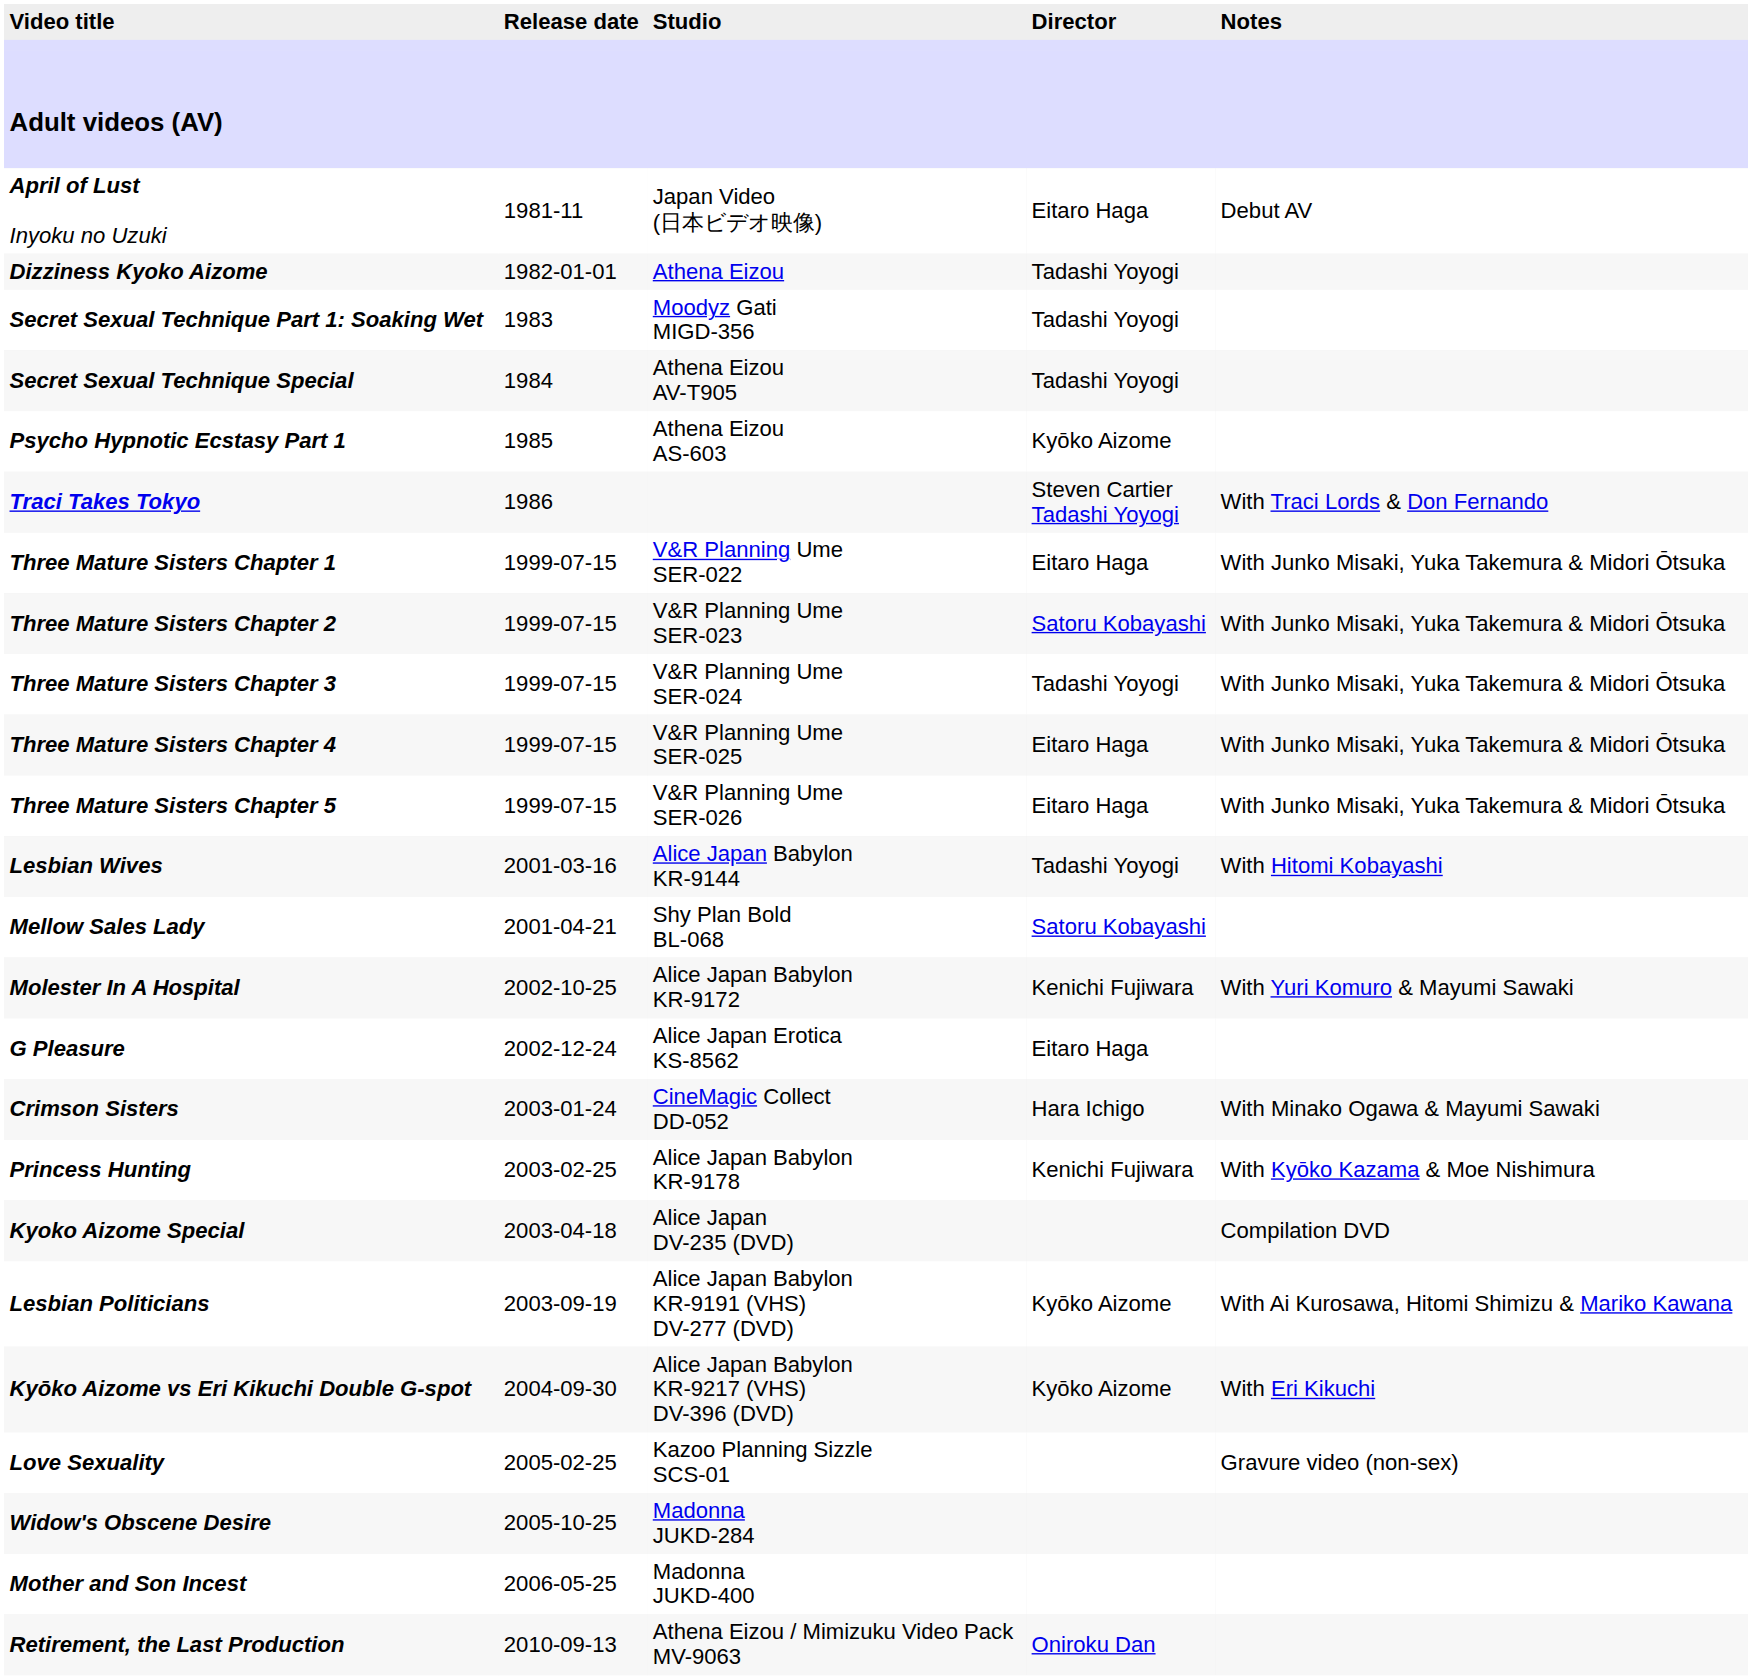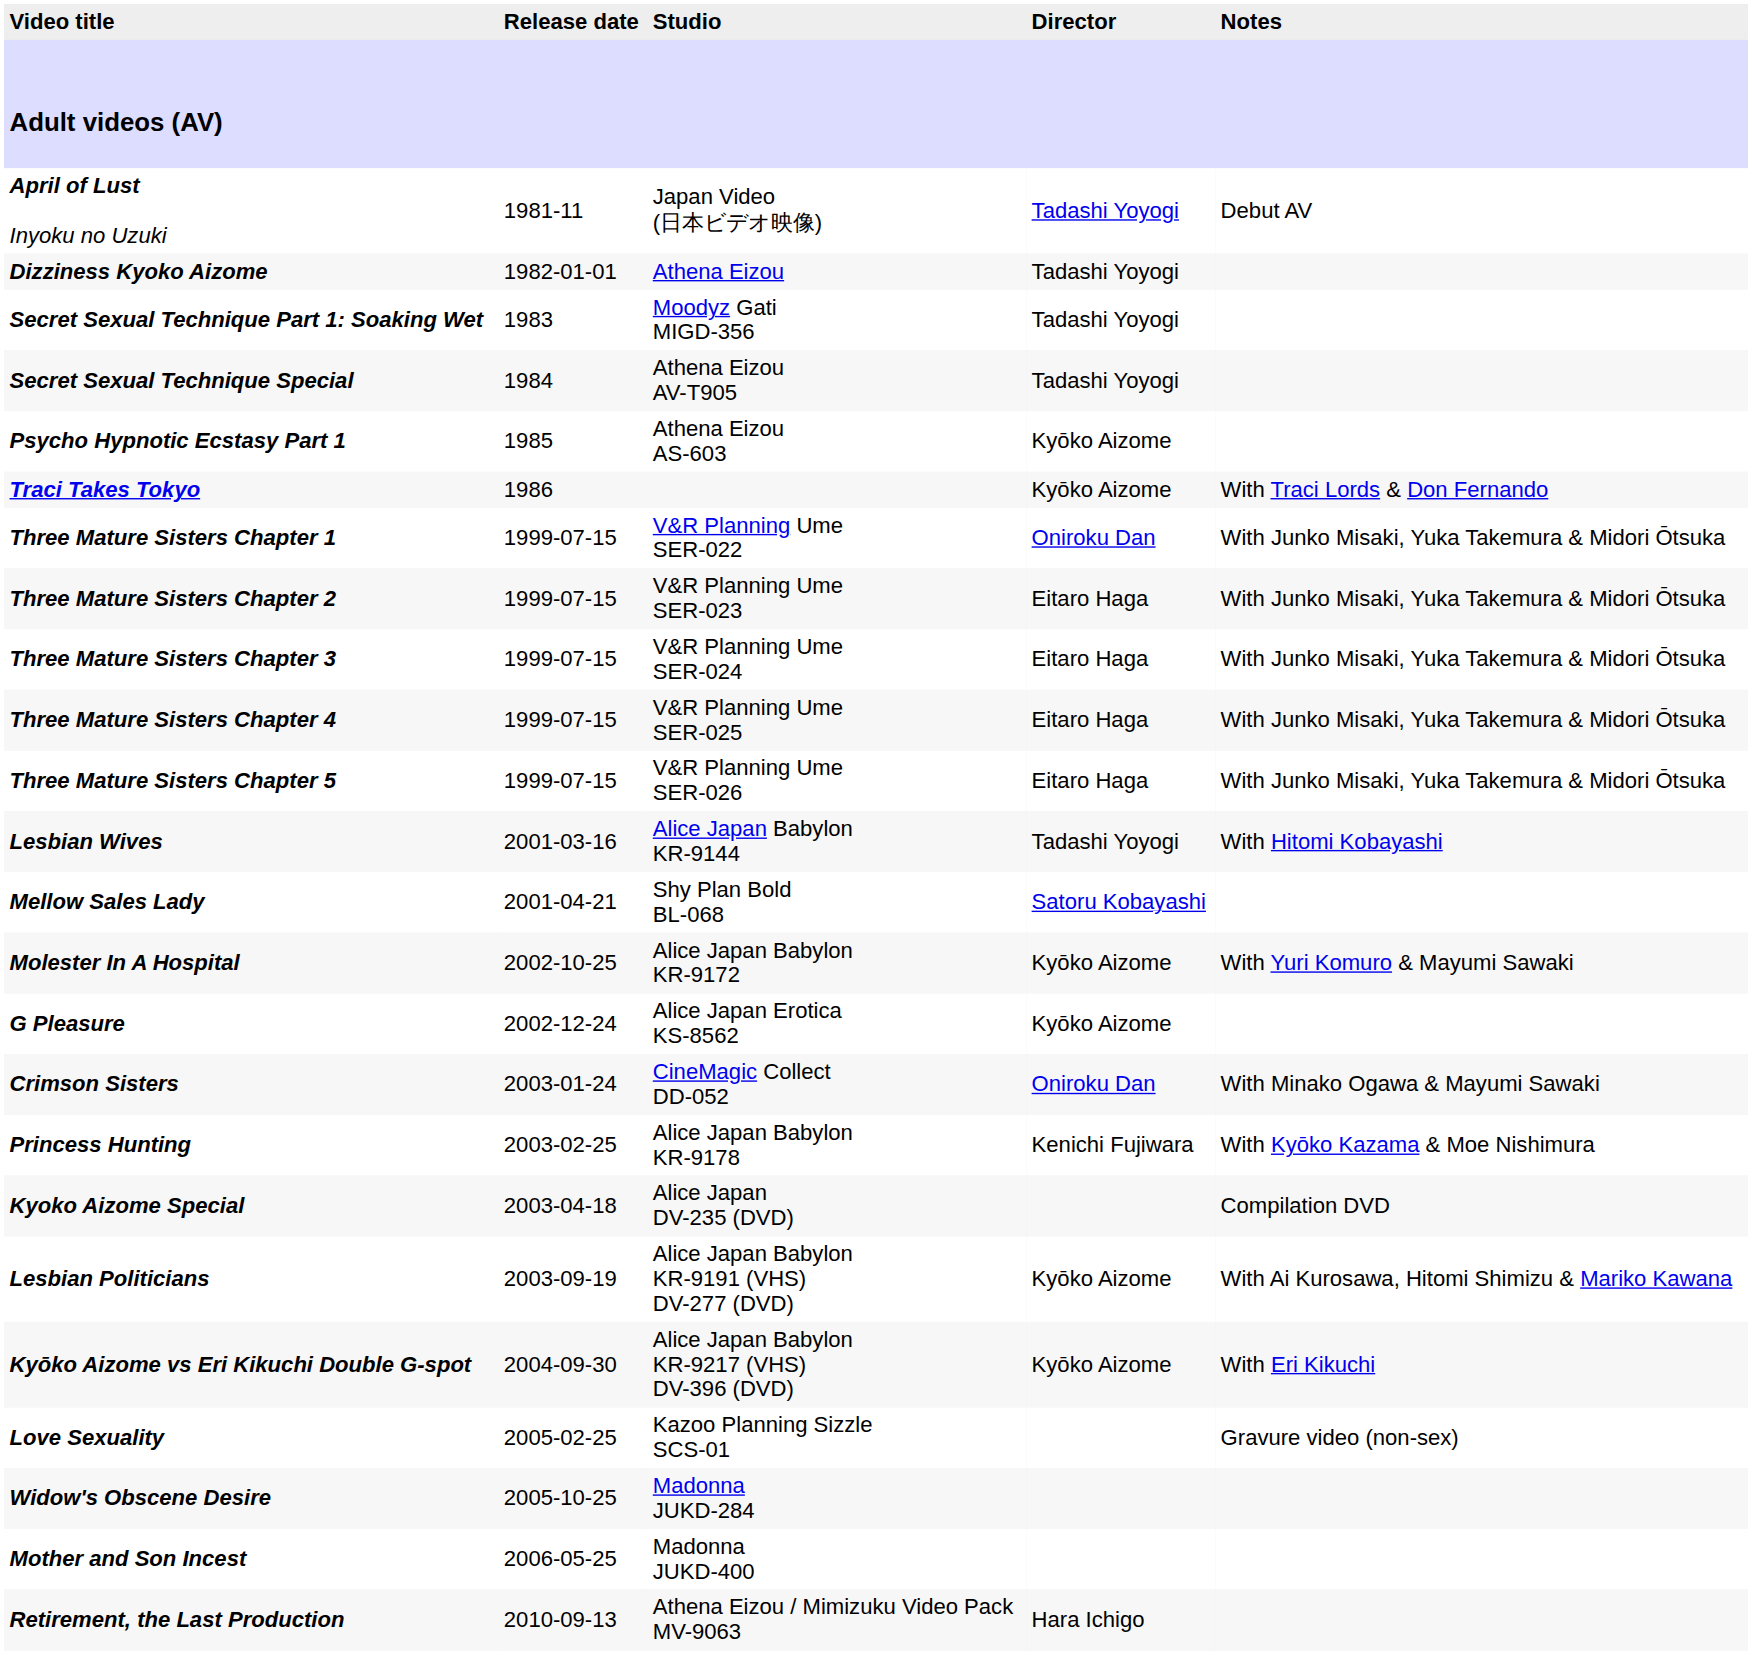 <table cellpadding="4" style="width:100%; text-align:left; border-width:0; border-collapse:collapse; background:#eee;">
 <tr>
 <th>Video title</th>
 <th>Release date</th>
 <th>Studio</th>
 <th>Director</th>
 <th>Notes</th>
 </tr>
 <tr>
 <td colspan="6" style="background:#ddf;"></td>
 </tr>
 <tr>
 <td colspan="6" style="background:#ddf;"><br><h3>Adult videos (AV)</h3></td>
 </tr>
 <tr style=background:#fff;>
 <td><strong><em>April of Lust</em></strong><br><br><em>Inyoku no Uzuki</em></td>
 <td>1981-11</td>
 <td>Japan Video<br>(日本ビデオ映像)</td>
-<td>Eitaro Haga</td>
+<td><a href='#'>Tadashi Yoyogi</a></td>
 <td>Debut AV</td>
 </tr>
 <tr style=background:#f7f7f7;>
 <td><strong><em>Dizziness Kyoko Aizome</em></strong><br></td>
 <td>1982-01-01</td>
 <td><a href='#'>Athena Eizou</a></td>
 <td>Tadashi Yoyogi</td>
 <td></td>
 </tr>
 <tr style=background:#fff;>
 <td><strong><em>Secret Sexual Technique Part 1: Soaking Wet</em></strong><br></td>
 <td>1983</td>
 <td><a href='#'>Moodyz</a> Gati<br>MIGD-356</td>
 <td>Tadashi Yoyogi</td>
 <td></td>
 </tr>
 <tr style=background:#f7f7f7;>
 <td><strong><em>Secret Sexual Technique Special</em></strong><br></td>
 <td>1984</td>
 <td>Athena Eizou<br>AV-T905</td>
 <td>Tadashi Yoyogi</td>
 <td></td>
 </tr>
 <tr style=background:#fff;>
 <td><strong><em>Psycho Hypnotic Ecstasy Part 1 </em></strong><br></td>
 <td>1985</td>
 <td>Athena Eizou<br>AS-603</td>
 <td>Kyōko Aizome</td>
 <td></td>
 </tr>
 <tr style=background:#f7f7f7;>
 <td><strong><em><a href='#'>Traci Takes Tokyo</a></em></strong></td>
 <td>1986</td>
 <td></td>
-<td>Steven Cartier<br><a href='#'>Tadashi Yoyogi</a></td>
+<td>Kyōko Aizome</td>
 <td>With <a href='#'>Traci Lords</a> & <a href='#'>Don Fernando</a></td>
 </tr>
 <tr style=background:#fff;>
 <td><strong><em>Three Mature Sisters Chapter 1</em></strong><br></td>
 <td>1999-07-15</td>
 <td><a href='#'>V&R Planning</a> Ume<br>SER-022</td>
-<td>Eitaro Haga</td>
+<td><a href='#'>Oniroku Dan</a></td>
 <td>With Junko Misaki, Yuka Takemura & Midori Ōtsuka</td>
 </tr>
 <tr style=background:#f7f7f7;>
 <td><strong><em>Three Mature Sisters Chapter 2</em></strong><br></td>
 <td>1999-07-15</td>
 <td>V&R Planning Ume<br>SER-023</td>
-<td><a href='#'>Satoru Kobayashi</a></td>
+<td>Eitaro Haga</td>
 <td>With Junko Misaki, Yuka Takemura & Midori Ōtsuka</td>
 </tr>
 <tr style=background:#fff;>
 <td><strong><em>Three Mature Sisters Chapter 3</em></strong><br></td>
 <td>1999-07-15</td>
 <td>V&R Planning Ume<br>SER-024</td>
-<td>Tadashi Yoyogi</td>
+<td>Eitaro Haga</td>
 <td>With Junko Misaki, Yuka Takemura & Midori Ōtsuka</td>
 </tr>
 <tr style=background:#f7f7f7;>
 <td><strong><em>Three Mature Sisters Chapter 4</em></strong><br></td>
 <td>1999-07-15</td>
 <td>V&R Planning Ume<br>SER-025</td>
 <td>Eitaro Haga</td>
 <td>With Junko Misaki, Yuka Takemura & Midori Ōtsuka</td>
 </tr>
 <tr style=background:#fff;>
 <td><strong><em>Three Mature Sisters Chapter 5</em></strong><br></td>
 <td>1999-07-15</td>
 <td>V&R Planning Ume<br>SER-026</td>
 <td>Eitaro Haga</td>
 <td>With Junko Misaki, Yuka Takemura & Midori Ōtsuka</td>
 </tr>
 <tr style=background:#f7f7f7;>
 <td><strong><em>Lesbian Wives</em></strong><br></td>
 <td>2001-03-16</td>
 <td><a href='#'>Alice Japan</a> Babylon<br>KR-9144</td>
 <td>Tadashi Yoyogi</td>
 <td>With <a href='#'>Hitomi Kobayashi</a></td>
 </tr>
 <tr style=background:#fff;>
 <td><strong><em>Mellow Sales Lady</em></strong><br></td>
 <td>2001-04-21</td>
 <td>Shy Plan Bold<br>BL-068</td>
 <td><a href='#'>Satoru Kobayashi</a></td>
 <td></td>
 </tr>
 <tr style=background:#f7f7f7;>
 <td><strong><em>Molester In A Hospital</em></strong><br></td>
 <td>2002-10-25</td>
 <td>Alice Japan Babylon<br>KR-9172</td>
-<td>Kenichi Fujiwara</td>
+<td>Kyōko Aizome</td>
 <td>With <a href='#'>Yuri Komuro</a> & Mayumi Sawaki</td>
 </tr>
 <tr style=background:#fff;>
 <td><strong><em>G Pleasure</em></strong><br></td>
 <td>2002-12-24</td>
 <td>Alice Japan Erotica<br>KS-8562</td>
-<td>Eitaro Haga</td>
+<td>Kyōko Aizome</td>
 <td></td>
 </tr>
 <tr style=background:#f7f7f7;>
 <td><strong><em>Crimson Sisters</em></strong><br></td>
 <td>2003-01-24</td>
 <td><a href='#'>CineMagic</a> Collect<br>DD-052</td>
-<td>Hara Ichigo</td>
+<td><a href='#'>Oniroku Dan</a></td>
 <td>With Minako Ogawa & Mayumi Sawaki</td>
 </tr>
 <tr style=background:#fff;>
 <td><strong><em>Princess Hunting</em></strong><br></td>
 <td>2003-02-25</td>
 <td>Alice Japan Babylon<br>KR-9178</td>
 <td>Kenichi Fujiwara</td>
 <td>With <a href='#'>Kyōko Kazama</a> & Moe Nishimura</td>
 </tr>
 <tr style=background:#f7f7f7;>
 <td><strong><em>Kyoko Aizome Special</em></strong><br></td>
 <td>2003-04-18</td>
 <td>Alice Japan<br>DV-235 (DVD)</td>
 <td></td>
 <td>Compilation DVD</td>
 </tr>
 <tr style=background:#fff;>
 <td><strong><em>Lesbian Politicians</em></strong><br></td>
 <td>2003-09-19</td>
 <td>Alice Japan Babylon<br>KR-9191 (VHS)<br>DV-277 (DVD)</td>
 <td>Kyōko Aizome</td>
 <td>With Ai Kurosawa, Hitomi Shimizu & <a href='#'>Mariko Kawana</a></td>
 </tr>
 <tr style=background:#f7f7f7;>
 <td><strong><em>Kyōko Aizome vs Eri Kikuchi Double G-spot</em></strong><br></td>
 <td>2004-09-30</td>
 <td>Alice Japan Babylon<br>KR-9217 (VHS)<br>DV-396 (DVD)</td>
 <td>Kyōko Aizome</td>
 <td>With <a href='#'>Eri Kikuchi</a></td>
 </tr>
 <tr style=background:#fff;>
 <td><strong><em>Love Sexuality</em></strong><br></td>
 <td>2005-02-25</td>
 <td>Kazoo Planning Sizzle<br>SCS-01</td>
 <td></td>
 <td>Gravure video (non-sex)</td>
 </tr>
 <tr style=background:#f7f7f7;>
 <td><strong><em>Widow's Obscene Desire</em></strong><br></td>
 <td>2005-10-25</td>
 <td><a href='#'>Madonna</a><br>JUKD-284</td>
 <td></td>
 <td></td>
 </tr>
 <tr style=background:#fff;>
 <td><strong><em> Mother and Son Incest</em></strong><br></td>
 <td>2006-05-25</td>
 <td>Madonna<br>JUKD-400</td>
 <td></td>
 <td></td>
 </tr>
 <tr style=background:#f7f7f7;>
 <td><strong><em>Retirement, the Last Production</em></strong><br></td>
 <td>2010-09-13</td>
 <td>Athena Eizou / Mimizuku Video Pack<br>MV-9063</td>
-<td><a href='#'>Oniroku Dan</a></td>
+<td>Hara Ichigo</td>
 <td></td>
 </tr>
 </table>
